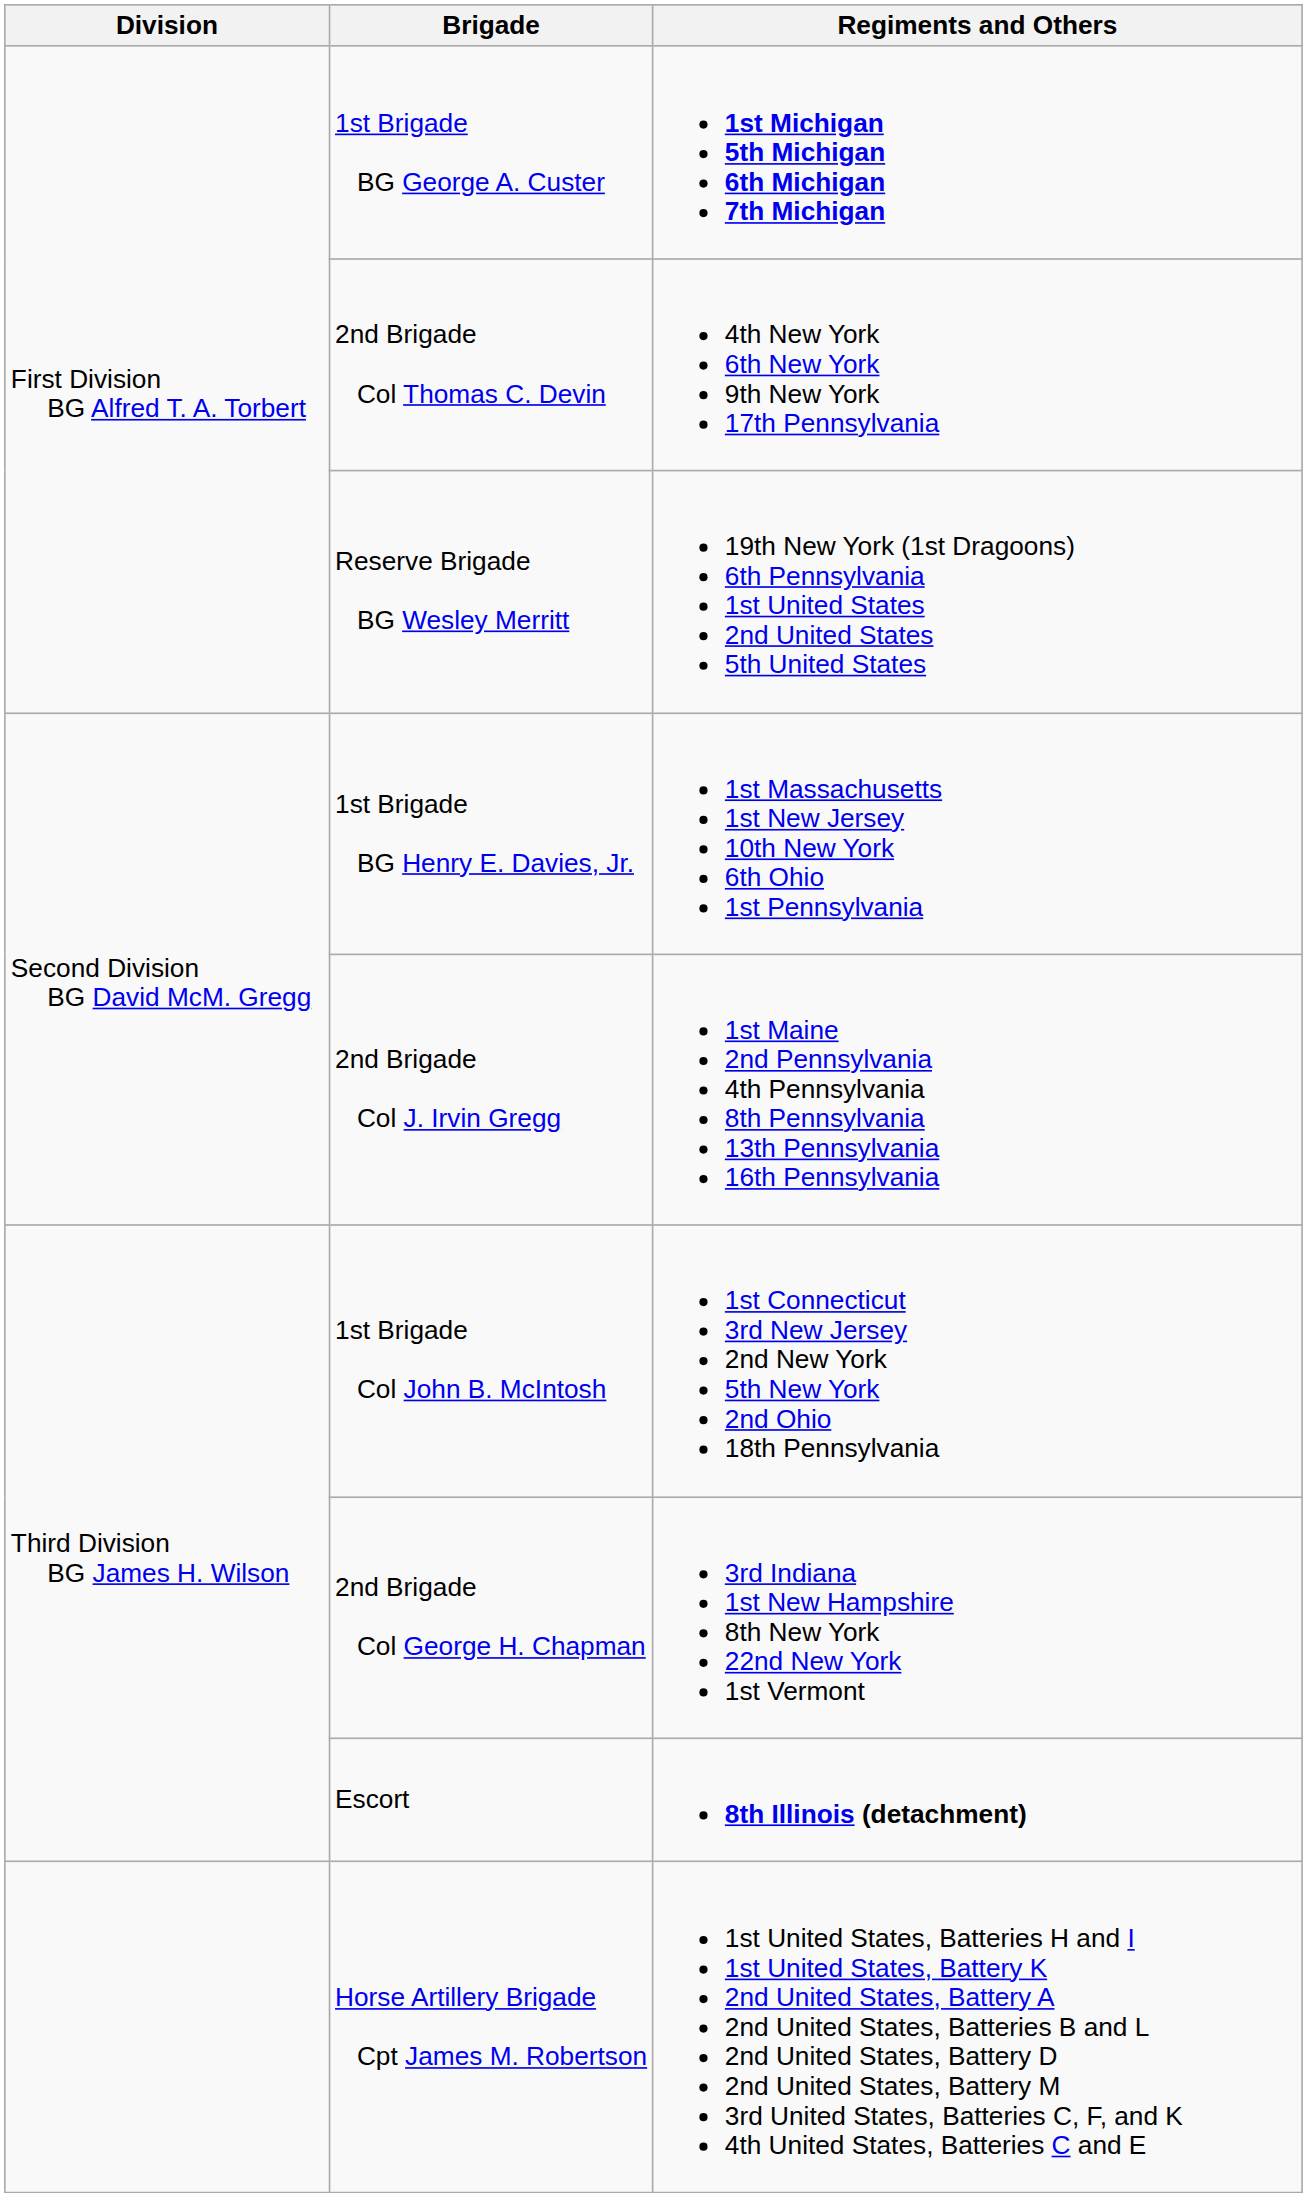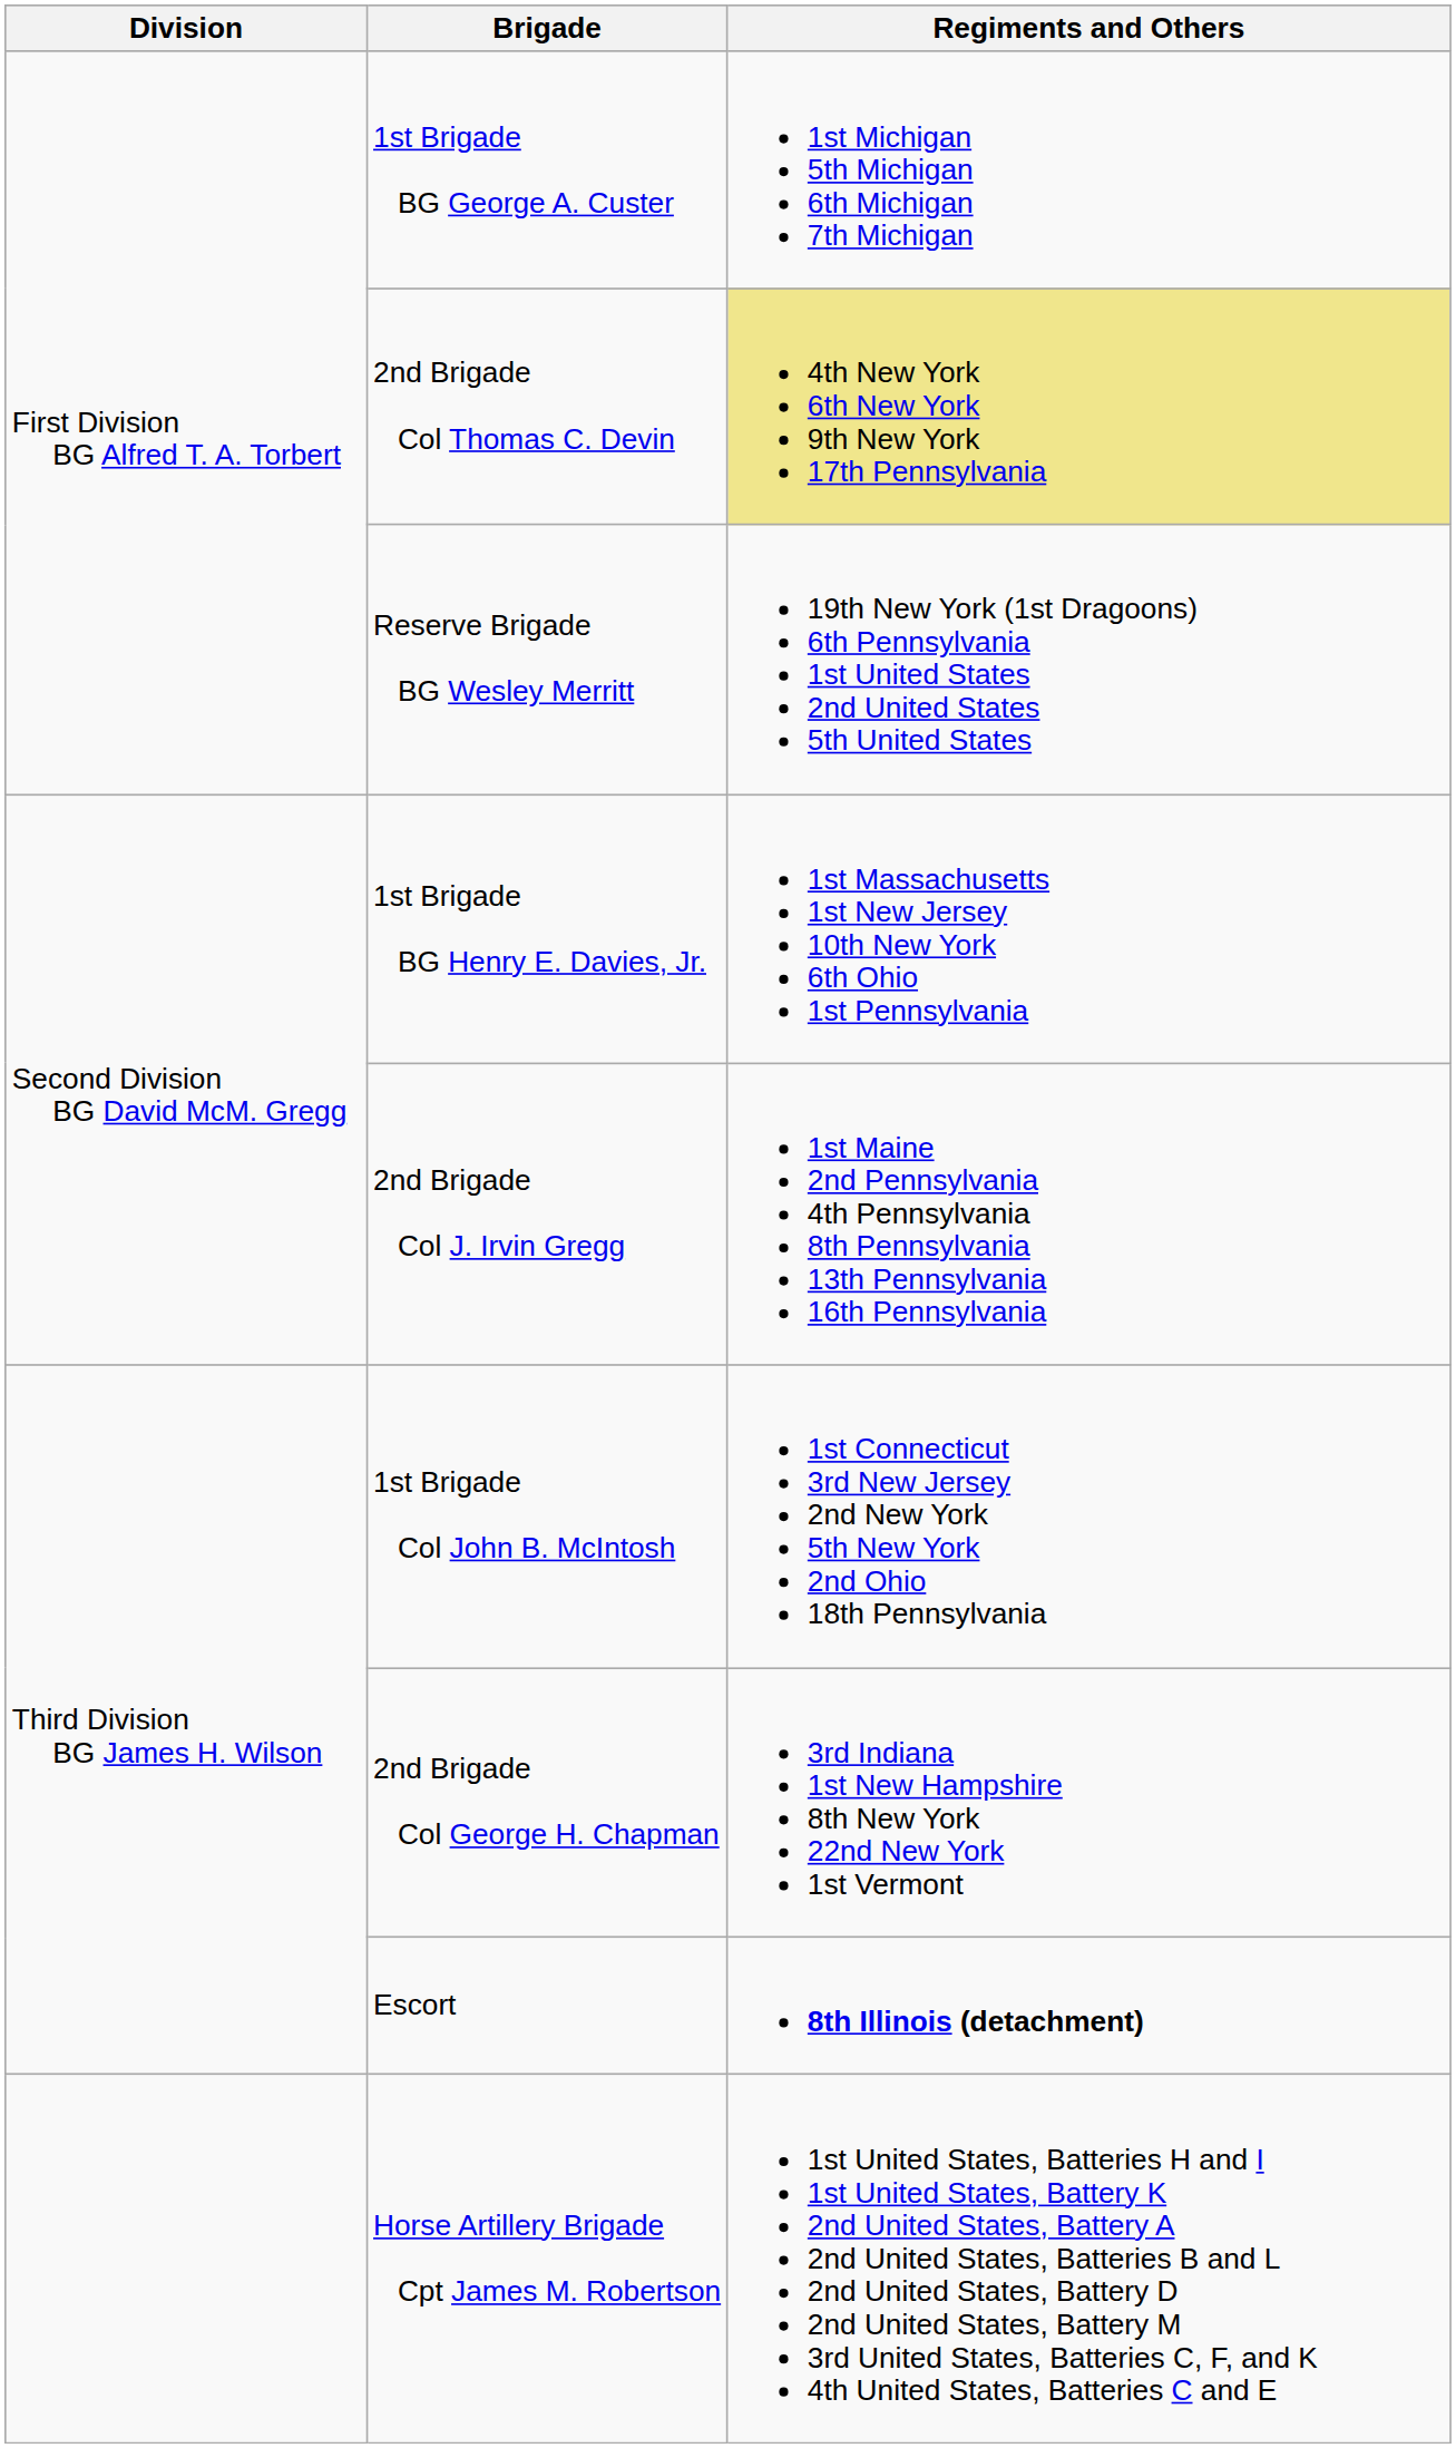 <table class="wikitable">
 <tr>
 <th width=25%>Division</th>
 <th width=25%>Brigade</th>
 <th>Regiments and Others</th>
 </tr>
 <tr>
 <td rowspan=3><br>First Division <br>     BG <a href='#'>Alfred T. A. Torbert</a></td>
 <td><a href='#'>1st Brigade</a><br><br>   BG <a href='#'>George A. Custer</a></td>
-<td><strong><br><ul><li><a href='#'>1st Michigan</a></li><li><a href='#'>5th Michigan</a></li><li><a href='#'>6th Michigan</a></li><li><a href='#'>7th Michigan</a></li></ul></strong></td>
+<td><br><ul><li><a href='#'>1st Michigan</a></li><li><a href='#'>5th Michigan</a></li><li><a href='#'>6th Michigan</a></li><li><a href='#'>7th Michigan</a></li></ul></td>
 </tr>
 <tr>
 <td>2nd Brigade<br><br>   Col <a href='#'>Thomas C. Devin</a></td>
-<td><br><ul><li>4th New York</li><li><a href='#'>6th New York</a></li><li>9th New York</li><li><a href='#'>17th Pennsylvania</a></li></ul></td>
+<td style="background: khaki;"><br><ul><li>4th New York</li><li><a href='#'>6th New York</a></li><li>9th New York</li><li><a href='#'>17th Pennsylvania</a></li></ul></td>
 </tr>
 <tr>
 <td>Reserve Brigade<br><br>   BG <a href='#'>Wesley Merritt</a></td>
 <td><br><ul><li>19th New York (1st Dragoons)</li><li><a href='#'>6th Pennsylvania</a></li><li><a href='#'>1st United States</a></li><li><a href='#'>2nd United States</a></li><li><a href='#'>5th United States</a></li></ul></td>
 </tr>
 <tr>
 <td rowspan=2><br>Second Division <br>     BG <a href='#'>David McM. Gregg</a></td>
 <td>1st Brigade<br><br>   BG <a href='#'>Henry E. Davies, Jr.</a></td>
 <td><br><ul><li><a href='#'>1st Massachusetts</a></li><li><a href='#'>1st New Jersey</a></li><li><a href='#'>10th New York</a></li><li><a href='#'>6th Ohio</a></li><li><a href='#'>1st Pennsylvania</a></li></ul></td>
 </tr>
 <tr>
 <td>2nd Brigade<br><br>   Col <a href='#'>J. Irvin Gregg</a></td>
 <td><br><ul><li><a href='#'>1st Maine</a></li><li><a href='#'>2nd Pennsylvania</a></li><li>4th Pennsylvania</li><li><a href='#'>8th Pennsylvania</a></li><li><a href='#'>13th Pennsylvania</a></li><li><a href='#'>16th Pennsylvania</a></li></ul></td>
 </tr>
 <tr>
 <td rowspan=3><br>Third Division <br>     BG <a href='#'>James H. Wilson</a></td>
 <td>1st Brigade<br><br>   Col <a href='#'>John B. McIntosh</a></td>
 <td><br><ul><li><a href='#'>1st Connecticut</a></li><li><a href='#'>3rd New Jersey</a></li><li>2nd New York</li><li><a href='#'>5th New York</a></li><li><a href='#'>2nd Ohio</a></li><li>18th Pennsylvania</li></ul></td>
 </tr>
 <tr>
 <td>2nd Brigade<br><br>   Col <a href='#'>George H. Chapman</a></td>
 <td><br><ul><li><a href='#'>3rd Indiana</a></li><li><a href='#'>1st New Hampshire</a></li><li>8th New York</li><li><a href='#'>22nd New York</a></li><li>1st Vermont</li></ul></td>
 </tr>
 <tr>
 <td>Escort</td>
 <td><strong><br><ul><li><a href='#'>8th Illinois</a> (detachment)</li></ul></strong></td>
 </tr>
 <tr>
 <td></td>
 <td><a href='#'>Horse Artillery Brigade</a><br><br>   Cpt <a href='#'>James M. Robertson</a></td>
 <td><br><ul><li>1st United States, Batteries H and <a href='#'>I</a></li><li><a href='#'>1st United States, Battery K</a></li><li><a href='#'>2nd United States, Battery A</a></li><li>2nd United States, Batteries B and L</li><li>2nd United States, Battery D</li><li>2nd United States, Battery M</li><li>3rd United States, Batteries C, F, and K</li><li>4th United States, Batteries <a href='#'>C</a> and E</li></ul></td>
 </tr>
 </table>
